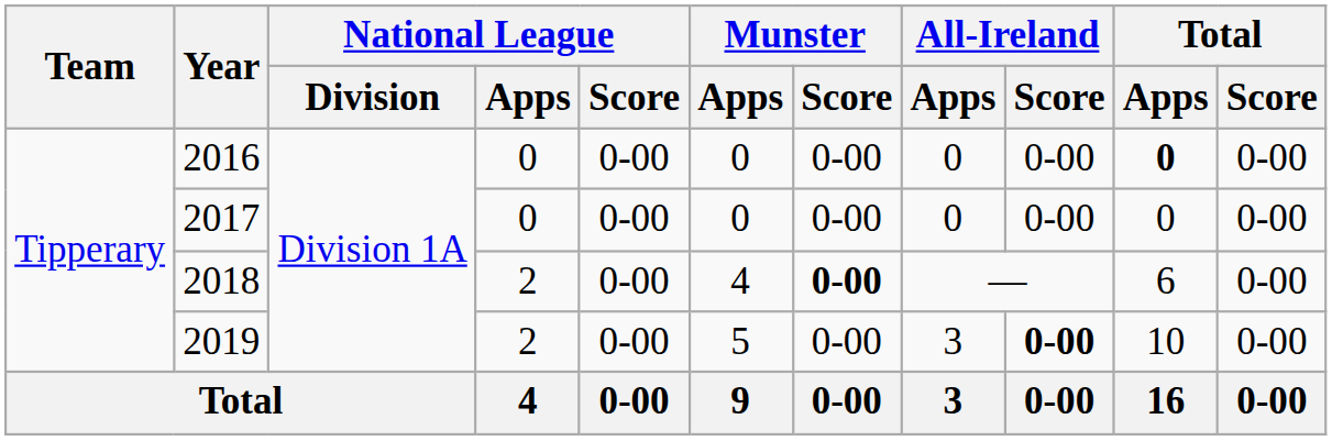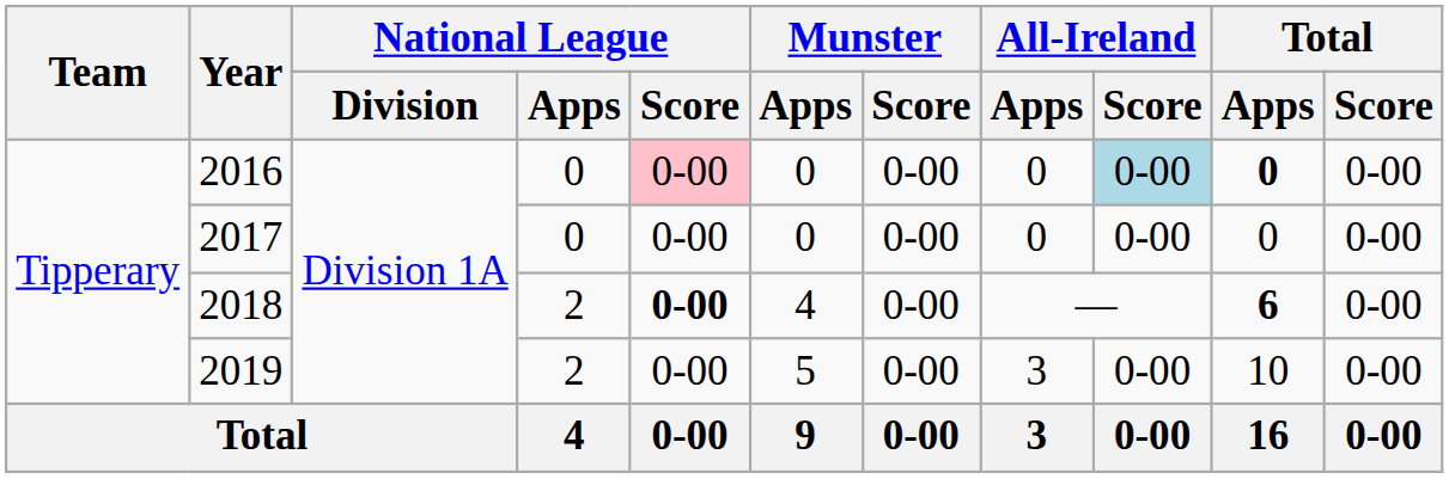 <table class="wikitable" style="text-align:center">
 <tr>
 <th rowspan="2">Team</th>
 <th rowspan="2">Year</th>
 <th colspan="3"><a href='#'>National League</a></th>
 <th colspan="2"><a href='#'>Munster</a></th>
 <th colspan="2"><a href='#'>All-Ireland</a></th>
 <th colspan="2">Total</th>
 </tr>
 <tr>
 <th>Division</th>
 <th>Apps</th>
 <th>Score</th>
 <th>Apps</th>
 <th>Score</th>
 <th>Apps</th>
 <th>Score</th>
 <th>Apps</th>
 <th>Score</th>
 </tr>
 <tr>
 <td rowspan="4"><a href='#'>Tipperary</a></td>
 <td>2016</td>
 <td rowspan="4"><a href='#'>Division 1A</a></td>
 <td>0</td>
-<td>0-00</td>
+<td style="background: pink;">0-00</td>
 <td>0</td>
 <td>0-00</td>
 <td>0</td>
-<td>0-00</td>
+<td style="background: lightblue;">0-00</td>
 <td><strong>0</strong></td>
 <td>0-00</td>
 </tr>
 <tr>
 <td>2017</td>
 <td>0</td>
 <td>0-00</td>
 <td>0</td>
 <td>0-00</td>
 <td>0</td>
 <td>0-00</td>
 <td>0</td>
 <td>0-00</td>
 </tr>
 <tr>
 <td>2018</td>
 <td>2</td>
+<td><strong>0-00</strong></td>
+<td>4</td>
 <td>0-00</td>
-<td>4</td>
-<td><strong>0-00</strong></td>
 <td colspan=2>—</td>
-<td>6</td>
+<td><strong>6</strong></td>
 <td>0-00</td>
 </tr>
 <tr>
 <td>2019</td>
 <td>2</td>
 <td>0-00</td>
 <td>5</td>
 <td>0-00</td>
 <td>3</td>
-<td><strong>0-00</strong></td>
+<td>0-00</td>
 <td>10</td>
 <td>0-00</td>
 </tr>
 <tr>
 <th colspan="3">Total</th>
 <th>4</th>
 <th>0-00</th>
 <th>9</th>
 <th>0-00</th>
 <th>3</th>
 <th>0-00</th>
 <th>16</th>
 <th>0-00</th>
 </tr>
 </table>
